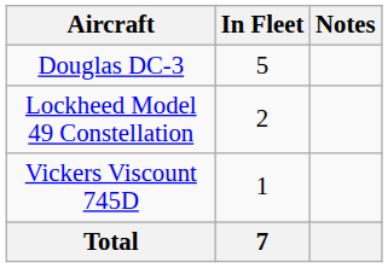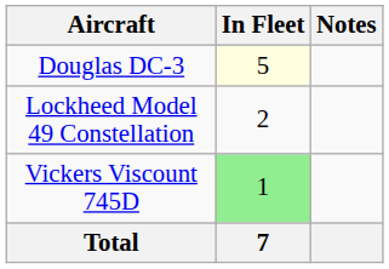 <table class="wikitable" style="text-align:center; margin:0.5em auto">
 <tr>
 <th style="width:125px;">Aircraft</th>
 <th>In Fleet</th>
 <th>Notes</th>
 </tr>
 <tr>
 <td><a href='#'>Douglas DC-3</a></td>
-<td>5</td>
+<td style="background: lightyellow;">5</td>
 <td></td>
 </tr>
 <tr>
 <td><a href='#'>Lockheed Model 49 Constellation</a></td>
 <td>2</td>
 <td></td>
 </tr>
 <tr>
 <td><a href='#'>Vickers Viscount 745D</a></td>
-<td>1</td>
+<td style="background: lightgreen;">1</td>
 <td></td>
 </tr>
 <tr>
 <th>Total</th>
 <th>7 </th>
 <th colspan="2" class="unsortable"></th>
 </tr>
 </table>
